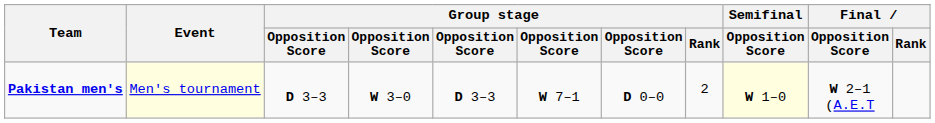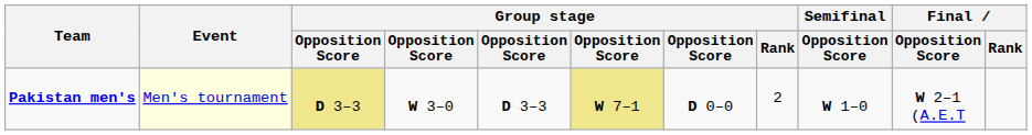 <table class="wikitable" style="font-size:90%">
 <tr>
 <th rowspan=2>Team</th>
 <th rowspan=2>Event</th>
 <th colspan=6>Group stage</th>
 <th>Semifinal</th>
 <th colspan=2>Final / </th>
 </tr>
 <tr style="font-size:95%">
 <th>Opposition<br>Score</th>
 <th>Opposition<br>Score</th>
 <th>Opposition<br>Score</th>
 <th>Opposition<br>Score</th>
 <th>Opposition<br>Score</th>
 <th>Rank</th>
 <th>Opposition<br>Score</th>
 <th>Opposition<br>Score</th>
 <th>Rank</th>
 </tr>
 <tr align=center>
 <td align=left><strong><a href='#'>Pakistan men's</a></strong></td>
 <td align=left style="background: lightyellow;"><a href='#'>Men's tournament</a></td>
-<td><br><strong>D</strong> 3–3</td>
+<td style="background: khaki;"><br><strong>D</strong> 3–3</td>
 <td><br><strong>W</strong> 3–0</td>
 <td><br><strong>D</strong> 3–3</td>
-<td><br><strong>W</strong> 7–1</td>
+<td style="background: khaki;"><br><strong>W</strong> 7–1</td>
 <td><br><strong>D</strong> 0–0</td>
 <td>2</td>
-<td style="background: lightyellow;"><br><strong>W</strong> 1–0</td>
+<td><br><strong>W</strong> 1–0</td>
 <td><br><strong>W</strong> 2–1<br>(<a href='#'>A.E.T</a></td>
 <td></td>
 </tr>
 </table>
